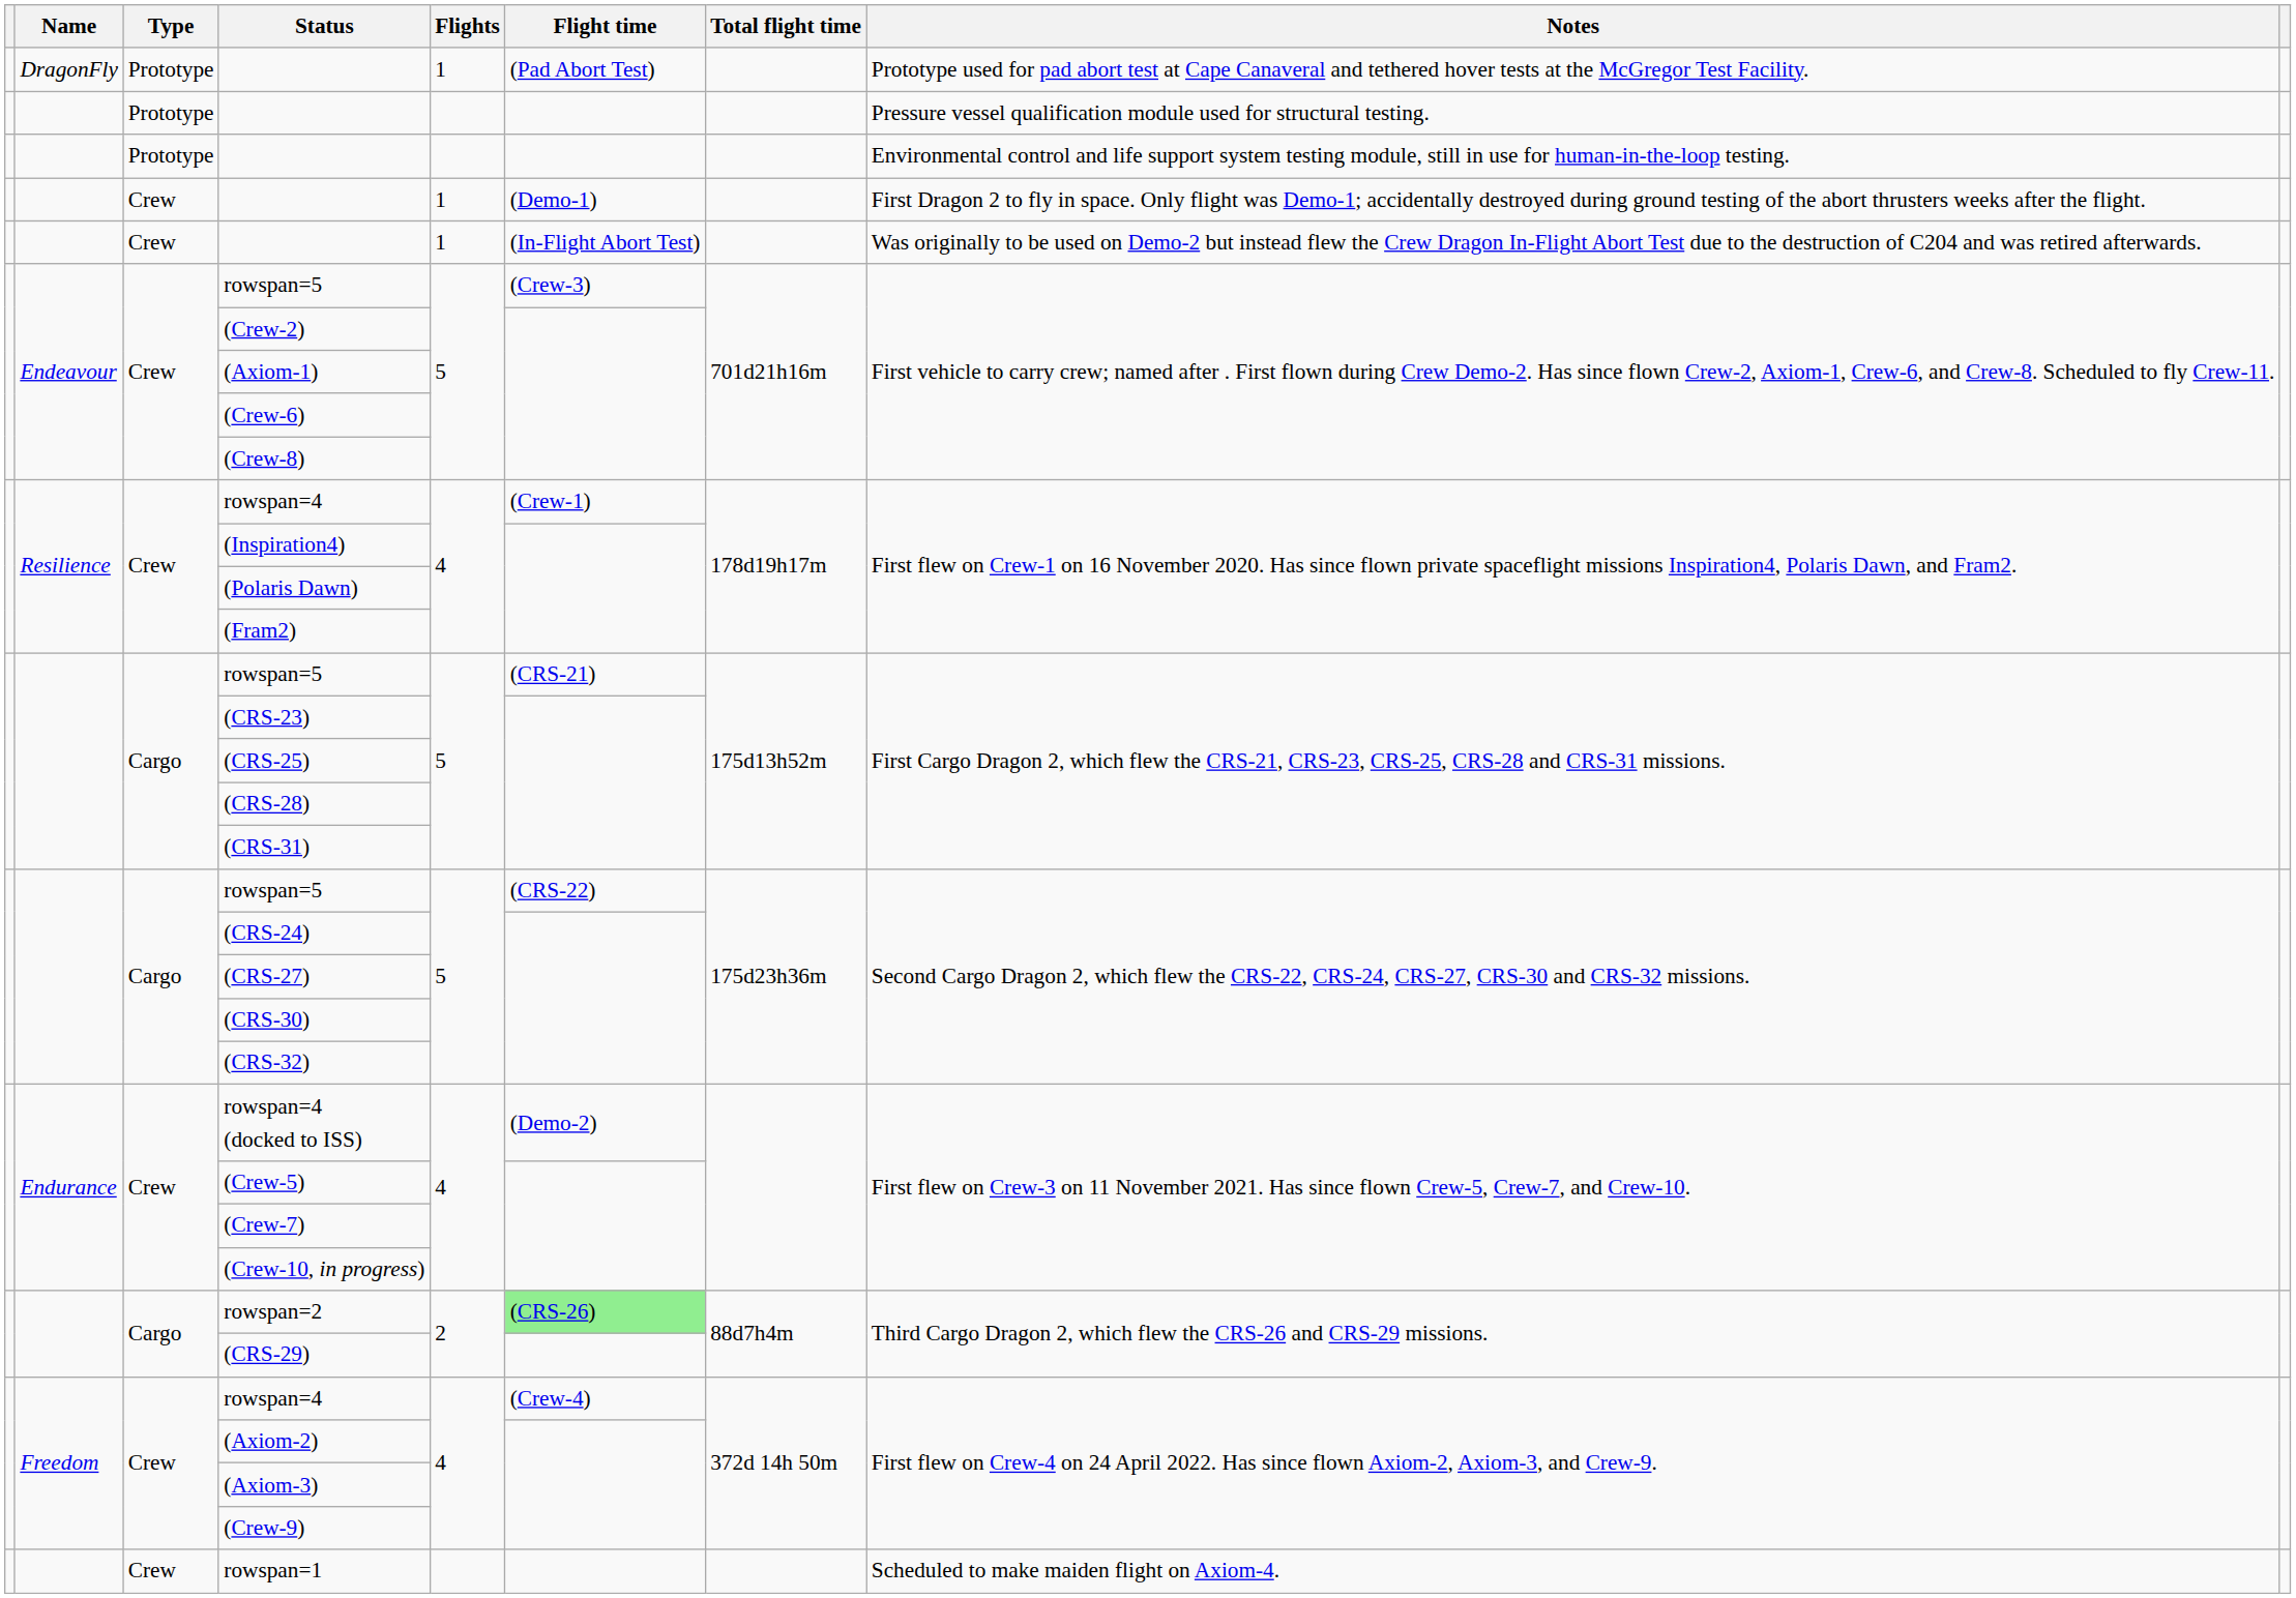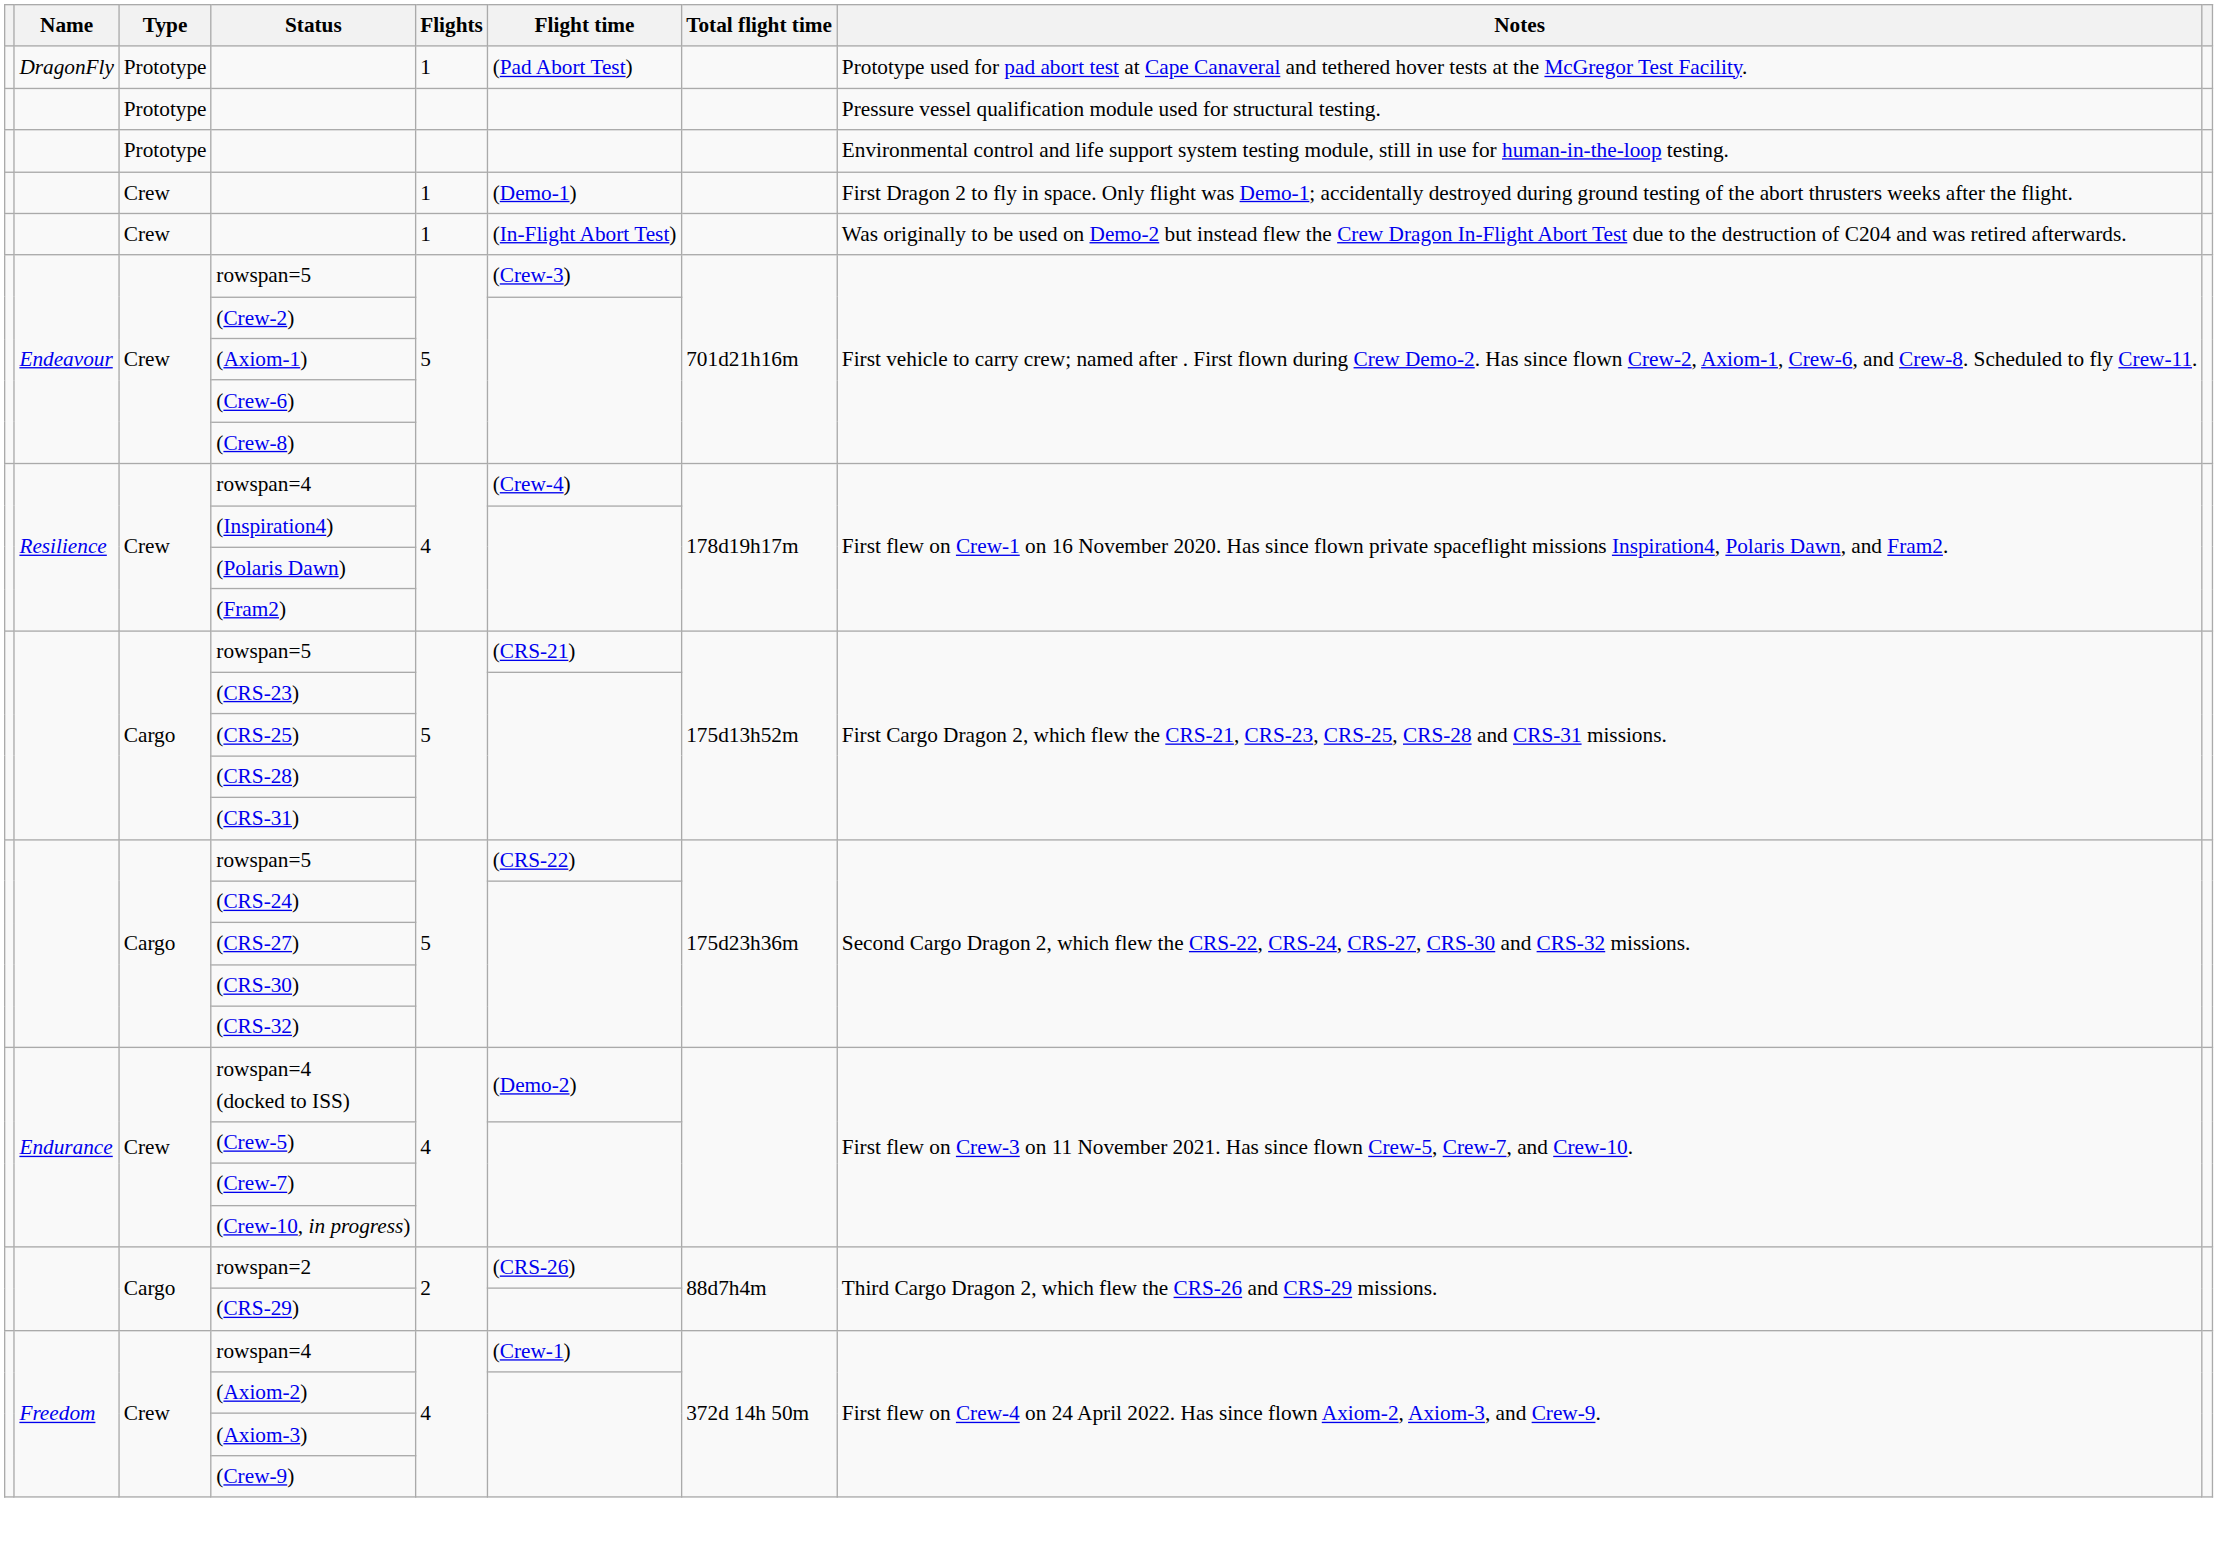 <table class="wikitable sticky-header" style="font-size:0.95; line-height:1.5em;">
 <tr>
 <th></th>
 <th>Name</th>
 <th>Type</th>
 <th>Status</th>
 <th>Flights</th>
 <th>Flight time</th>
 <th>Total flight time</th>
 <th class="unsortable">Notes</th>
 <th class="unsortable"></th>
 </tr>
 <tr>
 <td></td>
 <td><em>DragonFly</em></td>
 <td>Prototype</td>
 <td></td>
 <td>1</td>
 <td> (<a href='#'>Pad Abort Test</a>)</td>
 <td></td>
 <td>Prototype used for <a href='#'>pad abort test</a> at <a href='#'>Cape Canaveral</a> and tethered hover tests at the <a href='#'>McGregor Test Facility</a>.</td>
 <td></td>
 </tr>
 <tr>
 <td></td>
 <td></td>
 <td>Prototype</td>
 <td></td>
 <td></td>
 <td></td>
 <td></td>
 <td>Pressure vessel qualification module used for structural testing.</td>
 <td></td>
 </tr>
 <tr>
 <td></td>
 <td></td>
 <td>Prototype</td>
 <td></td>
 <td></td>
 <td></td>
 <td></td>
 <td>Environmental control and life support system testing module, still in use for <a href='#'>human-in-the-loop</a> testing.</td>
 <td></td>
 </tr>
 <tr>
 <td></td>
 <td></td>
 <td>Crew</td>
 <td></td>
 <td>1</td>
 <td> (<a href='#'>Demo-1</a>)</td>
 <td></td>
 <td>First Dragon 2 to fly in space. Only flight was <a href='#'>Demo-1</a>; accidentally destroyed during ground testing of the abort thrusters weeks after the flight.</td>
 <td></td>
 </tr>
 <tr>
 <td></td>
 <td></td>
 <td>Crew</td>
 <td></td>
 <td>1</td>
 <td> (<a href='#'>In-Flight Abort Test</a>)</td>
 <td></td>
 <td>Was originally to be used on <a href='#'>Demo-2</a> but instead flew the <a href='#'>Crew Dragon In-Flight Abort Test</a> due to the destruction of C204 and was retired afterwards.</td>
 <td></td>
 </tr>
 <tr>
 <td rowspan=5></td>
 <td rowspan=5><em><a href='#'>Endeavour</a></em></td>
 <td rowspan=5>Crew</td>
 <td>rowspan=5 </td>
 <td rowspan=5>5</td>
 <td> (<a href='#'>Crew-3</a>)</td>
 <td rowspan=5>701d21h16m</td>
 <td rowspan=5>First vehicle to carry crew; named after . First flown during <a href='#'>Crew Demo-2</a>. Has since flown <a href='#'>Crew-2</a>, <a href='#'>Axiom-1</a>, <a href='#'>Crew-6</a>, and <a href='#'>Crew-8</a>. Scheduled to fly <a href='#'>Crew-11</a>.</td>
 <td rowspan=5></td>
 </tr>
 <tr>
 <td> (<a href='#'>Crew-2</a>)</td>
 </tr>
 <tr>
 <td> (<a href='#'>Axiom-1</a>)</td>
 </tr>
 <tr>
 <td> (<a href='#'>Crew-6</a>)</td>
 </tr>
 <tr>
 <td> (<a href='#'>Crew-8</a>)</td>
 </tr>
 <tr>
 <td rowspan=4></td>
 <td rowspan=4><em><a href='#'>Resilience</a></em></td>
 <td rowspan=4>Crew</td>
 <td>rowspan=4 </td>
 <td rowspan=4>4</td>
-<td> (<a href='#'>Crew-1</a>)</td>
+<td> (<a href='#'>Crew-4</a>)</td>
 <td rowspan=4>178d19h17m</td>
 <td rowspan=4>First flew on <a href='#'>Crew-1</a> on 16 November 2020. Has since flown private spaceflight missions <a href='#'>Inspiration4</a>, <a href='#'>Polaris Dawn</a>, and <a href='#'>Fram2</a>.</td>
 <td rowspan=4></td>
 </tr>
 <tr>
 <td style="white-space: nowrap;"> (<a href='#'>Inspiration4</a>)</td>
 </tr>
 <tr>
 <td> (<a href='#'>Polaris Dawn</a>)</td>
 </tr>
 <tr>
 <td> (<a href='#'>Fram2</a>)</td>
 </tr>
 <tr>
 <td rowspan=5></td>
 <td rowspan=5></td>
 <td rowspan=5>Cargo</td>
 <td>rowspan=5 </td>
 <td rowspan=5>5</td>
 <td> (<a href='#'>CRS-21</a>)</td>
 <td rowspan=5>175d13h52m</td>
 <td rowspan=5>First Cargo Dragon 2, which flew the <a href='#'>CRS-21</a>, <a href='#'>CRS-23</a>, <a href='#'>CRS-25</a>, <a href='#'>CRS-28</a> and <a href='#'>CRS-31</a> missions.</td>
 <td rowspan=5></td>
 </tr>
 <tr>
 <td> (<a href='#'>CRS-23</a>)</td>
 </tr>
 <tr>
 <td> (<a href='#'>CRS-25</a>)</td>
 </tr>
 <tr>
 <td> (<a href='#'>CRS-28</a>)</td>
 </tr>
 <tr>
 <td> (<a href='#'>CRS-31</a>)</td>
 </tr>
 <tr>
 <td rowspan=5></td>
 <td rowspan=5></td>
 <td rowspan=5>Cargo</td>
 <td>rowspan=5 </td>
 <td rowspan=5>5</td>
 <td> (<a href='#'>CRS-22</a>)</td>
 <td rowspan=5>175d23h36m</td>
 <td rowspan=5>Second Cargo Dragon 2, which flew the <a href='#'>CRS-22</a>, <a href='#'>CRS-24</a>, <a href='#'>CRS-27</a>, <a href='#'>CRS-30</a> and <a href='#'>CRS-32</a> missions.</td>
 <td rowspan=5></td>
 </tr>
 <tr>
 <td> (<a href='#'>CRS-24</a>)</td>
 </tr>
 <tr>
 <td> (<a href='#'>CRS-27</a>)</td>
 </tr>
 <tr>
 <td> (<a href='#'>CRS-30</a>)</td>
 </tr>
 <tr>
 <td> (<a href='#'>CRS-32</a>)</td>
 </tr>
 <tr>
 <td rowspan=4></td>
 <td rowspan=4><a href='#'><em>Endurance</em></a></td>
 <td rowspan=4>Crew</td>
 <td>rowspan=4 <br>(docked to ISS)</td>
 <td rowspan=4>4</td>
 <td> (<a href='#'>Demo-2</a>)</td>
 <td rowspan=4></td>
 <td rowspan=4>First flew on <a href='#'>Crew-3</a> on 11 November 2021. Has since flown <a href='#'>Crew-5</a>, <a href='#'>Crew-7</a>, and <a href='#'>Crew-10</a>.</td>
 <td rowspan=4></td>
 </tr>
 <tr>
 <td> (<a href='#'>Crew-5</a>)</td>
 </tr>
 <tr>
 <td> (<a href='#'>Crew-7</a>)</td>
 </tr>
 <tr>
 <td> (<a href='#'>Crew-10</a>, <em>in progress</em>)</td>
 </tr>
 <tr>
 <td rowspan=2></td>
 <td rowspan=2></td>
 <td rowspan=2>Cargo</td>
 <td>rowspan=2 </td>
 <td rowspan=2>2</td>
-<td style="background: lightgreen;"> (<a href='#'>CRS-26</a>)</td>
+<td> (<a href='#'>CRS-26</a>)</td>
 <td rowspan=2>88d7h4m</td>
 <td rowspan=2>Third Cargo Dragon 2, which flew the <a href='#'>CRS-26</a> and <a href='#'>CRS-29</a> missions.</td>
 <td rowspan=2></td>
 </tr>
 <tr>
 <td> (<a href='#'>CRS-29</a>)</td>
 </tr>
 <tr>
 <td rowspan=4></td>
 <td rowspan=4><a href='#'><em>Freedom</em></a></td>
 <td rowspan=4>Crew</td>
 <td>rowspan=4 </td>
 <td rowspan=4>4</td>
-<td> (<a href='#'>Crew-4</a>)</td>
+<td> (<a href='#'>Crew-1</a>)</td>
 <td rowspan=4>372d 14h 50m</td>
 <td rowspan=4>First flew on <a href='#'>Crew-4</a> on 24 April 2022. Has since flown <a href='#'>Axiom-2</a>, <a href='#'>Axiom-3</a>, and <a href='#'>Crew-9</a>.</td>
 <td rowspan=4></td>
 </tr>
 <tr>
 <td> (<a href='#'>Axiom-2</a>)</td>
 </tr>
 <tr>
 <td> (<a href='#'>Axiom-3</a>)</td>
 </tr>
 <tr>
 <td> (<a href='#'>Crew-9</a>)</td>
 </tr>
-<tr>
-<td rowspan=1></td>
-<td rowspan=1></td>
-<td rowspan=1>Crew</td>
-<td>rowspan=1 </td>
-<td rowspan=1></td>
-<td rowspan=1></td>
-<td rowspan=1></td>
-<td rowspan=1>Scheduled to make maiden flight on <a href='#'>Axiom-4</a>.</td>
-<td></td>
-</tr>
 </table>
